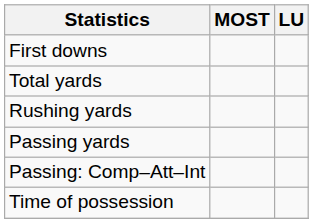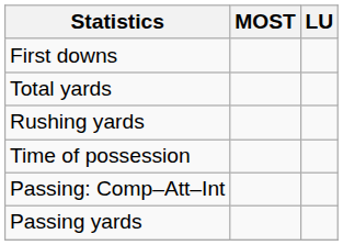 <table class="wikitable" style="float: left;">
 <tr>
 <th>Statistics</th>
 <th>MOST</th>
 <th>LU</th>
 </tr>
 <tr>
 <td>First downs</td>
 <td></td>
 <td></td>
 </tr>
 <tr>
 <td>Total yards</td>
 <td></td>
 <td></td>
 </tr>
 <tr>
 <td>Rushing yards</td>
 <td></td>
 <td></td>
 </tr>
 <tr>
-<td>Passing yards</td>
+<td>Time of possession</td>
 <td></td>
 <td></td>
 </tr>
 <tr>
 <td>Passing: Comp–Att–Int</td>
 <td></td>
 <td></td>
 </tr>
 <tr>
-<td>Time of possession</td>
+<td>Passing yards</td>
 <td></td>
 <td></td>
 </tr>
 <tr>
 </tr>
 </table>
